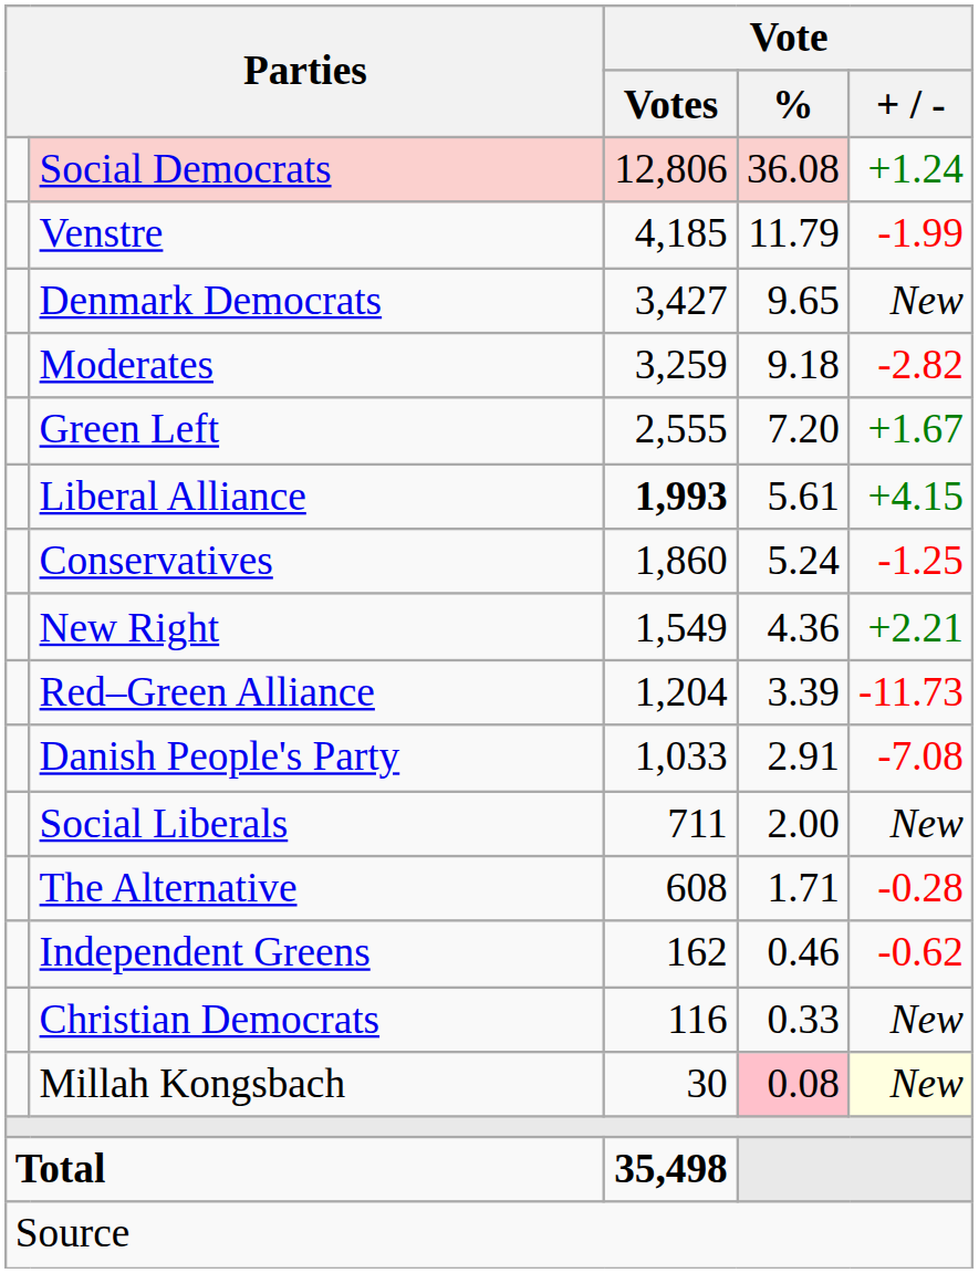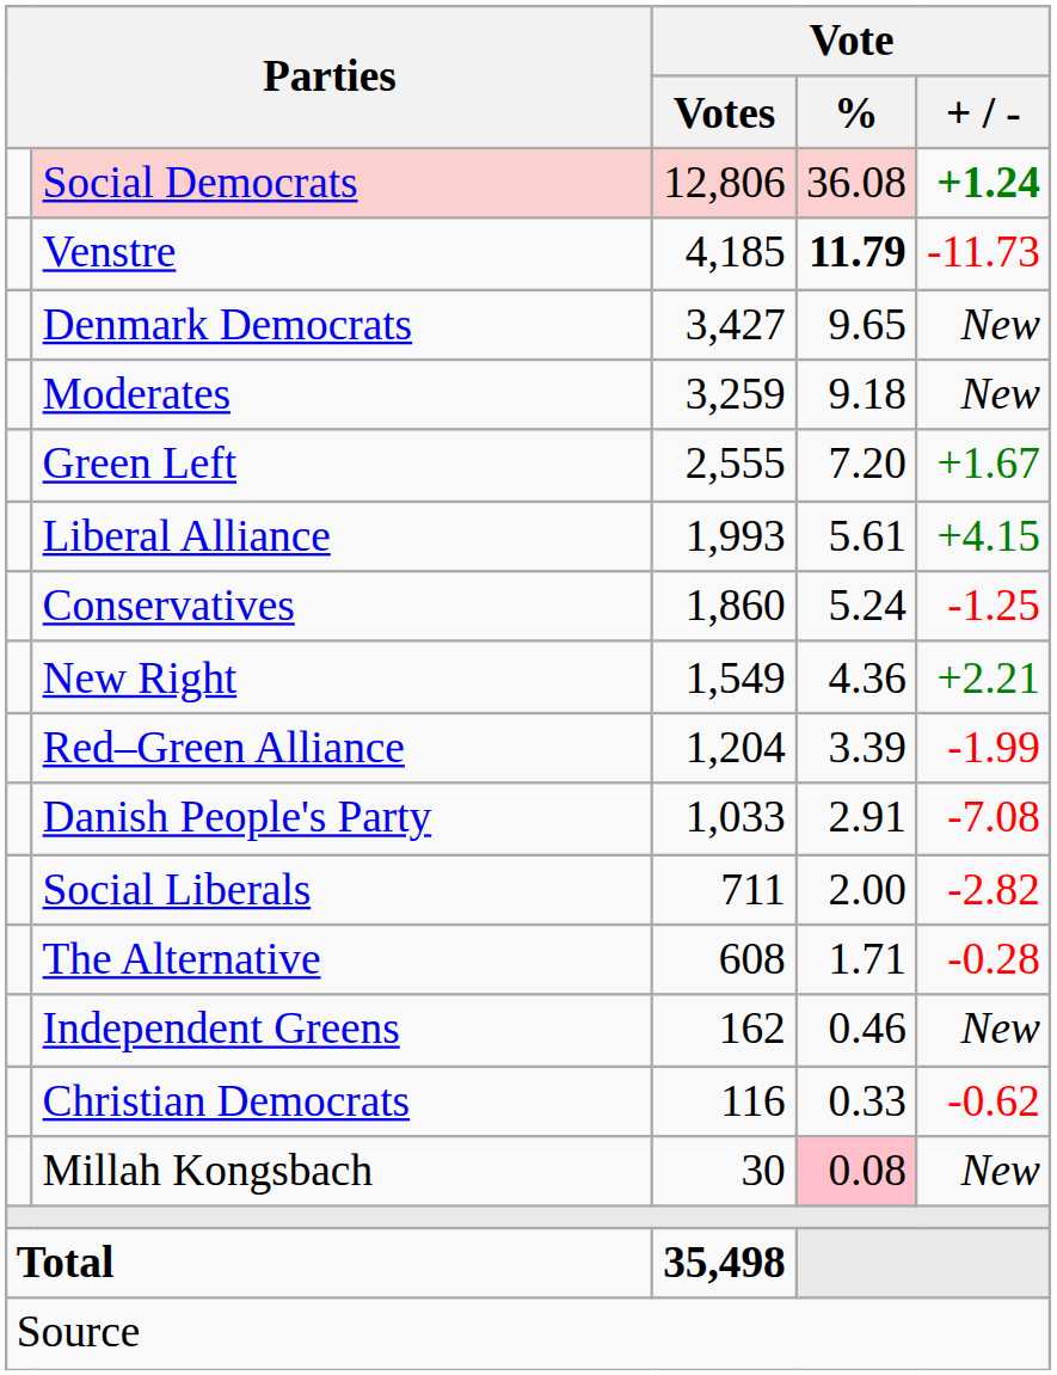 <table class="wikitable" style="text-align:right;">
 <tr>
 <th style="text-align:centre;" rowspan="2" colspan="2" width="225">Parties</th>
 <th colspan="3">Vote</th>
 </tr>
 <tr>
 <th width="15">Votes</th>
 <th width="15">%</th>
 <th width="15">+ / -</th>
 </tr>
 <tr>
 <td width="2" style="color:inherit;background:"></td>
 <td bgcolor=#fbd0ce  align="left"><a href='#'>Social Democrats</a></td>
 <td bgcolor=#fbd0ce>12,806</td>
 <td bgcolor=#fbd0ce>36.08</td>
-<td style=color:green;>+1.24</td>
+<td style=color:green;><strong>+1.24</strong></td>
 </tr>
 <tr>
 <td width="2" style="color:inherit;background:"></td>
 <td align="left"><a href='#'>Venstre</a></td>
 <td>4,185</td>
-<td>11.79</td>
-<td style=color:red;>-1.99</td>
+<td><strong>11.79</strong></td>
+<td style=color:red;>-11.73</td>
 </tr>
 <tr>
 <td width="2" style="color:inherit;background:"></td>
 <td align="left"><a href='#'>Denmark Democrats</a></td>
 <td>3,427</td>
 <td>9.65</td>
 <td><em>New</em></td>
 </tr>
 <tr>
 <td width="2" style="color:inherit;background:"></td>
 <td align="left"><a href='#'>Moderates</a></td>
 <td>3,259</td>
 <td>9.18</td>
-<td style=color:red;>-2.82</td>
+<td><em>New</em></td>
 </tr>
 <tr>
 <td width="2" style="color:inherit;background:"></td>
 <td align="left"><a href='#'>Green Left</a></td>
 <td>2,555</td>
 <td>7.20</td>
 <td style=color:green;>+1.67</td>
 </tr>
 <tr>
 <td width="2" style="color:inherit;background:"></td>
 <td align="left"><a href='#'>Liberal Alliance</a></td>
-<td><strong>1,993</strong></td>
+<td>1,993</td>
 <td>5.61</td>
 <td style=color:green;>+4.15</td>
 </tr>
 <tr>
 <td width="2" style="color:inherit;background:"></td>
 <td align="left"><a href='#'>Conservatives</a></td>
 <td>1,860</td>
 <td>5.24</td>
 <td style=color:red;>-1.25</td>
 </tr>
 <tr>
 <td width="2" style="color:inherit;background:"></td>
 <td align="left"><a href='#'>New Right</a></td>
 <td>1,549</td>
 <td>4.36</td>
 <td style=color:green;>+2.21</td>
 </tr>
 <tr>
 <td width="2" style="color:inherit;background:"></td>
 <td align="left"><a href='#'>Red–Green Alliance</a></td>
 <td>1,204</td>
 <td>3.39</td>
-<td style=color:red;>-11.73</td>
+<td style=color:red;>-1.99</td>
 </tr>
 <tr>
 <td width="2" style="color:inherit;background:"></td>
 <td align="left"><a href='#'>Danish People's Party</a></td>
 <td>1,033</td>
 <td>2.91</td>
 <td style=color:red;>-7.08</td>
 </tr>
 <tr>
 <td width="2" style="color:inherit;background:"></td>
 <td align="left"><a href='#'>Social Liberals</a></td>
 <td>711</td>
 <td>2.00</td>
-<td><em>New</em></td>
+<td style=color:red;>-2.82</td>
 </tr>
 <tr>
 <td width="2" style="color:inherit;background:"></td>
 <td align="left"><a href='#'>The Alternative</a></td>
 <td>608</td>
 <td>1.71</td>
 <td style=color:red;>-0.28</td>
 </tr>
 <tr>
 <td width="2" style="color:inherit;background:"></td>
 <td align="left"><a href='#'>Independent Greens</a></td>
 <td>162</td>
 <td>0.46</td>
-<td style=color:red;>-0.62</td>
+<td><em>New</em></td>
 </tr>
 <tr>
 <td width="2" style="color:inherit;background:"></td>
 <td align="left"><a href='#'>Christian Democrats</a></td>
 <td>116</td>
 <td>0.33</td>
-<td><em>New</em></td>
+<td style=color:red;>-0.62</td>
 </tr>
 <tr>
 <td width="2" style="color:inherit;background:"></td>
 <td align="left">Millah Kongsbach</td>
 <td>30</td>
 <td style="background: pink;">0.08</td>
-<td style="background: lightyellow;"><em>New</em></td>
+<td><em>New</em></td>
 </tr>
 <tr>
 <td colspan="7" bgcolor="#E9E9E9"></td>
 </tr>
 <tr>
 <td align="left" colspan="2"><strong>Total</strong></td>
 <td><strong>35,498</strong></td>
 <td bgcolor="#E9E9E9" colspan="2"></td>
 </tr>
 <tr>
 <td align="left" colspan="6">Source</td>
 </tr>
 </table>
